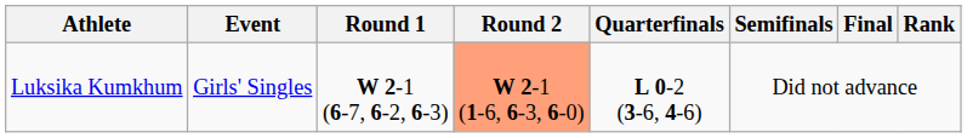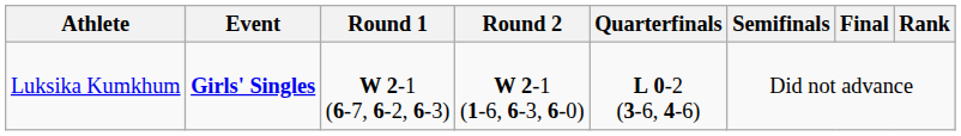 <table class=wikitable style="font-size:90%">
 <tr>
 <th>Athlete</th>
 <th>Event</th>
 <th>Round 1</th>
 <th>Round 2</th>
 <th>Quarterfinals</th>
 <th>Semifinals</th>
 <th>Final</th>
 <th>Rank</th>
 </tr>
 <tr>
 <td><a href='#'>Luksika Kumkhum</a></td>
-<td><a href='#'>Girls' Singles</a></td>
+<td><strong><a href='#'>Girls' Singles</a></strong></td>
 <td align=center><br><strong>W</strong> <strong>2</strong>-1<br> (<strong>6</strong>-7, <strong>6</strong>-2, <strong>6</strong>-3)</td>
-<td align=center style="background: lightsalmon;"><br><strong>W</strong> <strong>2</strong>-1<br> (<strong>1</strong>-6, <strong>6</strong>-3, <strong>6</strong>-0)</td>
+<td align=center><br><strong>W</strong> <strong>2</strong>-1<br> (<strong>1</strong>-6, <strong>6</strong>-3, <strong>6</strong>-0)</td>
 <td align=center><br><strong>L</strong> <strong>0</strong>-2<br> (<strong>3</strong>-6, <strong>4</strong>-6)</td>
 <td colspan=3 align=center>Did not advance</td>
 </tr>
 </table>
